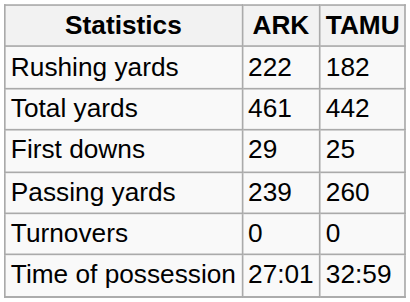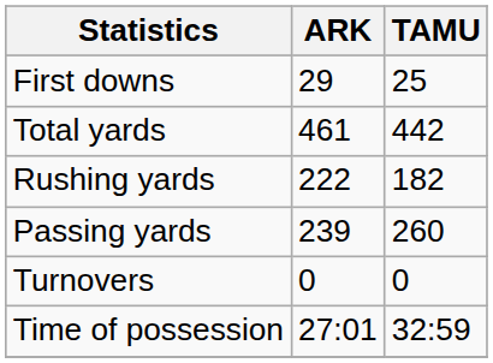 <table class="wikitable" style="float: left;">
 <tr>
 <th>Statistics</th>
 <th>ARK</th>
 <th>TAMU</th>
 </tr>
 <tr>
-<td>Rushing yards</td>
-<td>222</td>
-<td>182</td>
+<td>First downs</td>
+<td>29</td>
+<td>25</td>
 </tr>
 <tr>
 <td>Total yards</td>
 <td>461</td>
 <td>442</td>
 </tr>
 <tr>
-<td>First downs</td>
-<td>29</td>
-<td>25</td>
+<td>Rushing yards</td>
+<td>222</td>
+<td>182</td>
 </tr>
 <tr>
 <td>Passing yards</td>
 <td>239</td>
 <td>260</td>
 </tr>
 <tr>
 <td>Turnovers</td>
 <td>0</td>
 <td>0</td>
 </tr>
 <tr>
 <td>Time of possession</td>
 <td>27:01</td>
 <td>32:59</td>
 </tr>
 <tr>
 </tr>
 </table>
